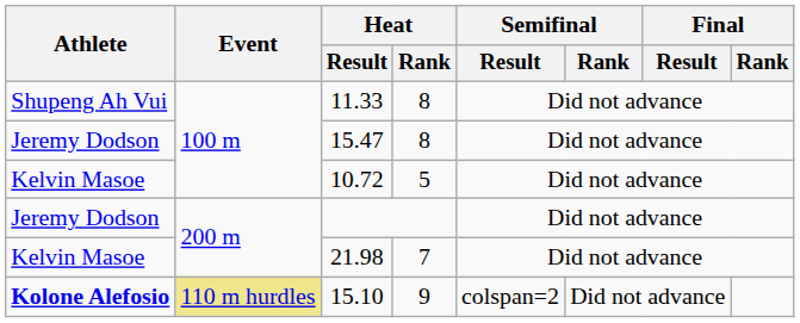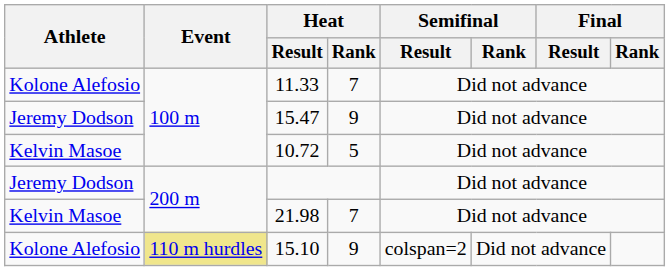 <table class="wikitable" style="font-size:90%">
 <tr>
 <th rowspan=2>Athlete</th>
 <th rowspan=2>Event</th>
 <th colspan=2>Heat</th>
 <th colspan=2>Semifinal</th>
 <th colspan=2>Final</th>
 </tr>
 <tr style="font-size:95%">
 <th>Result</th>
 <th>Rank</th>
 <th>Result</th>
 <th>Rank</th>
 <th>Result</th>
 <th>Rank</th>
 </tr>
 <tr align=center>
-<td align=left><a href='#'>Shupeng Ah Vui</a></td>
+<td align=left><a href='#'>Kolone Alefosio</a></td>
 <td align=left rowspan=3><a href='#'>100 m</a></td>
 <td>11.33</td>
-<td>8</td>
+<td>7</td>
 <td colspan=4>Did not advance</td>
 </tr>
 <tr align=center>
 <td align=left><a href='#'>Jeremy Dodson</a></td>
 <td>15.47</td>
-<td>8</td>
+<td>9</td>
 <td colspan=4>Did not advance</td>
 </tr>
 <tr align=center>
 <td align=left><a href='#'>Kelvin Masoe</a></td>
 <td>10.72</td>
 <td>5</td>
 <td colspan=4>Did not advance</td>
 </tr>
 <tr align=center>
 <td align=left><a href='#'>Jeremy Dodson</a></td>
 <td align=left rowspan=2><a href='#'>200 m</a></td>
 <td colspan=2></td>
 <td colspan=4>Did not advance</td>
 </tr>
 <tr align=center>
 <td align=left><a href='#'>Kelvin Masoe</a></td>
 <td>21.98</td>
 <td>7</td>
 <td colspan=4>Did not advance</td>
 </tr>
 <tr align=center>
-<td align=left><strong><a href='#'>Kolone Alefosio</a></strong></td>
+<td align=left><a href='#'>Kolone Alefosio</a></td>
 <td align=left style="background: khaki;"><a href='#'>110 m hurdles</a></td>
 <td>15.10</td>
 <td>9</td>
 <td>colspan=2 </td>
 <td colspan=2>Did not advance</td>
 </tr>
 </table>
